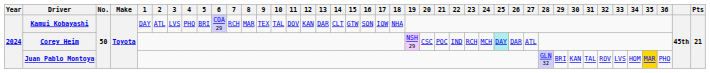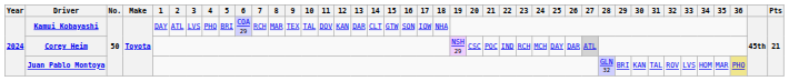 <table class="wikitable" style="text-align:center; font-size:75%">
 <tr>
 <th>Year</th>
 <th>Driver</th>
 <th>No.</th>
 <th>Make</th>
 <th>1</th>
 <th>2</th>
 <th>3</th>
 <th>4</th>
 <th>5</th>
 <th>6</th>
 <th>7</th>
 <th>8</th>
 <th>9</th>
 <th>10</th>
 <th>11</th>
 <th>12</th>
 <th>13</th>
 <th>14</th>
 <th>15</th>
 <th>16</th>
 <th>17</th>
 <th>18</th>
 <th>19</th>
 <th>20</th>
 <th>21</th>
 <th>22</th>
 <th>23</th>
 <th>24</th>
 <th>25</th>
 <th>26</th>
 <th>27</th>
 <th>28</th>
 <th>29</th>
 <th>30</th>
 <th>31</th>
 <th>32</th>
 <th>33</th>
 <th>34</th>
 <th>35</th>
 <th>36</th>
 <th></th>
 <th>Pts</th>
 </tr>
 <tr>
 <th rowspan="3"><a href='#'>2024</a></th>
 <th><a href='#'>Kamui Kobayashi</a></th>
 <th rowspan="3">50</th>
 <th rowspan="3"><a href='#'>Toyota</a></th>
 <td><a href='#'>DAY</a></td>
 <td><a href='#'>ATL</a></td>
 <td><a href='#'>LVS</a></td>
 <td><a href='#'>PHO</a></td>
 <td><a href='#'>BRI</a></td>
 <td style="background:#CFCFFF;"><a href='#'>COA</a><br><small>29</small></td>
 <td><a href='#'>RCH</a></td>
 <td><a href='#'>MAR</a></td>
 <td><a href='#'>TEX</a></td>
 <td><a href='#'>TAL</a></td>
 <td><a href='#'>DOV</a></td>
 <td><a href='#'>KAN</a></td>
 <td><a href='#'>DAR</a></td>
 <td><a href='#'>CLT</a></td>
 <td><a href='#'>GTW</a></td>
 <td><a href='#'>SON</a></td>
 <td><a href='#'>IOW</a></td>
 <td><a href='#'>NHA</a></td>
 <td colspan="18"></td>
 <th rowspan="3">45th</th>
 <th rowspan="3">21</th>
 </tr>
 <tr>
 <th><a href='#'>Corey Heim</a></th>
 <td colspan="18"></td>
 <td style="background:#EFCFFF;"><a href='#'>NSH</a><br><small>29</small></td>
 <td><a href='#'>CSC</a></td>
 <td><a href='#'>POC</a></td>
 <td><a href='#'>IND</a></td>
 <td><a href='#'>RCH</a></td>
 <td><a href='#'>MCH</a></td>
-<td style="background: paleturquoise;"><a href='#'>DAY</a></td>
+<td><a href='#'>DAY</a></td>
 <td><a href='#'>DAR</a></td>
-<td><a href='#'>ATL</a></td>
+<td style="background: lightgrey;"><a href='#'>ATL</a></td>
 </tr>
 <tr>
 <th><a href='#'>Juan Pablo Montoya</a></th>
 <td colspan="27"></td>
 <td style="background:#CFCFFF;"><a href='#'>GLN</a><br><small>32</small></td>
 <td><a href='#'>BRI</a></td>
 <td><a href='#'>KAN</a></td>
 <td><a href='#'>TAL</a></td>
 <td><a href='#'>ROV</a></td>
 <td><a href='#'>LVS</a></td>
 <td><a href='#'>HOM</a></td>
-<td style="background: gold;"><a href='#'>MAR</a></td>
-<td><a href='#'>PHO</a></td>
+<td><a href='#'>MAR</a></td>
+<td style="background: khaki;"><a href='#'>PHO</a></td>
 </tr>
 </table>
